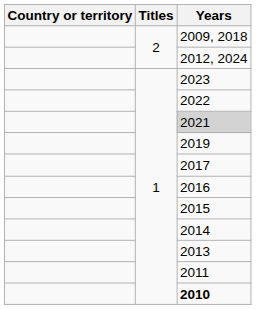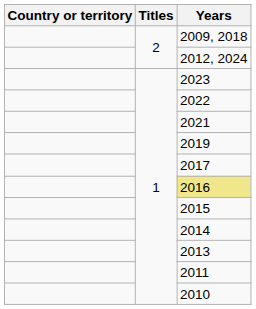 <table class="wikitable sortable" style="font-size: 95%">
 <tr>
 <th scope="col">Country or territory</th>
 <th scope="col">Titles</th>
 <th scope="col">Years</th>
 </tr>
 <tr>
 <td></td>
 <td rowspan="2" style="text-align:center;">2</td>
 <td>2009, 2018</td>
 </tr>
 <tr>
 <td></td>
 <td>2012, 2024</td>
 </tr>
 <tr>
 <td></td>
 <td rowspan="11" style="text-align:center;">1</td>
 <td>2023</td>
 </tr>
 <tr>
 <td></td>
 <td>2022</td>
 </tr>
 <tr>
 <td></td>
-<td style="background: lightgrey;">2021</td>
+<td>2021</td>
 </tr>
 <tr>
 <td></td>
 <td>2019</td>
 </tr>
 <tr>
 <td></td>
 <td>2017</td>
 </tr>
 <tr>
 <td></td>
-<td>2016</td>
+<td style="background: khaki;">2016</td>
 </tr>
 <tr>
 <td></td>
 <td>2015</td>
 </tr>
 <tr>
 <td></td>
 <td>2014</td>
 </tr>
 <tr>
 <td></td>
 <td>2013</td>
 </tr>
 <tr>
 <td></td>
 <td>2011</td>
 </tr>
 <tr>
 <td></td>
-<td><strong>2010</strong></td>
+<td>2010</td>
 </tr>
 </table>
